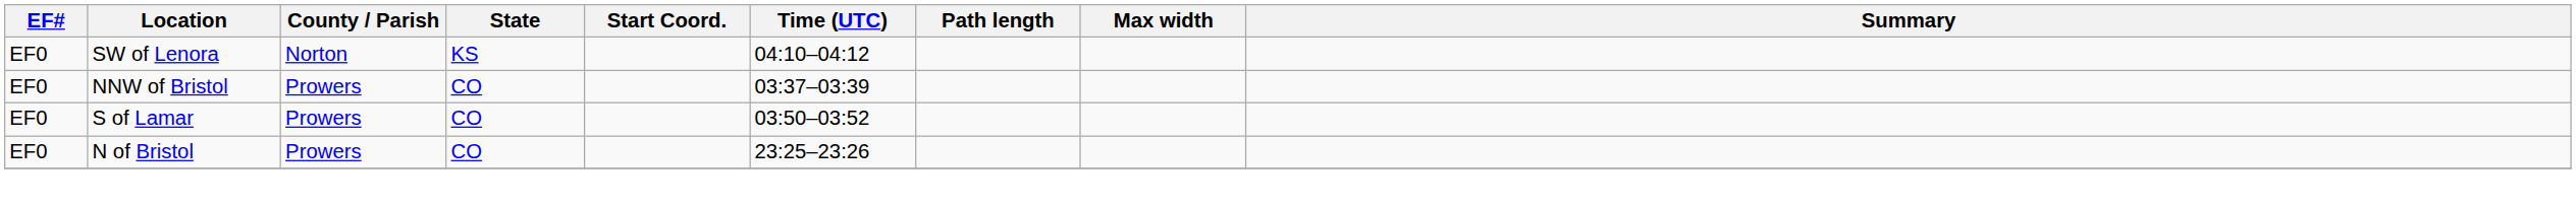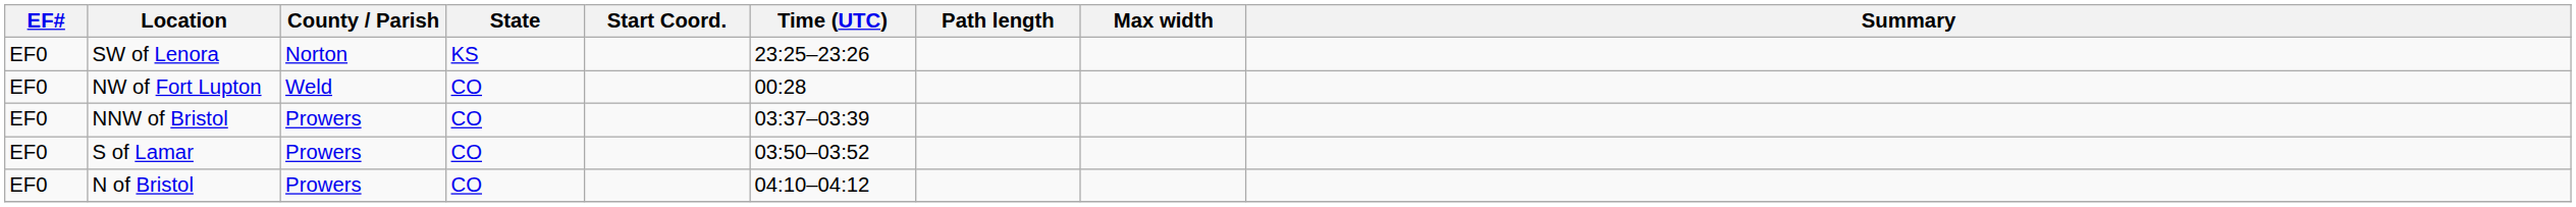 <table class="wikitable sortable" style="width:100%;">
 <tr>
 <th scope="col"  style="width:3%; text-align:center;"><a href='#'>EF#</a></th>
 <th scope="col"  style="width:7%; text-align:center;" class="unsortable">Location</th>
 <th scope="col"  style="width:6%; text-align:center;" class="unsortable">County / Parish</th>
 <th scope="col"  style="width:5%; text-align:center;">State</th>
 <th scope="col"  style="width:6%; text-align:center;">Start Coord.</th>
 <th scope="col"  style="width:6%; text-align:center;">Time (<a href='#'>UTC</a>)</th>
 <th scope="col"  style="width:6%; text-align:center;">Path length</th>
 <th scope="col"  style="width:6%; text-align:center;">Max width</th>
 <th scope="col" class="unsortable" style="width:48%; text-align:center;">Summary</th>
 </tr>
 <tr>
 <td>EF0</td>
 <td>SW of <a href='#'>Lenora</a></td>
 <td><a href='#'>Norton</a></td>
 <td><a href='#'>KS</a></td>
 <td></td>
-<td>04:10–04:12</td>
+<td>23:25–23:26</td>
+<td></td>
+<td></td>
+<td></td>
+</tr>
+<tr>
+<td>EF0</td>
+<td>NW of <a href='#'>Fort Lupton</a></td>
+<td><a href='#'>Weld</a></td>
+<td><a href='#'>CO</a></td>
+<td></td>
+<td>00:28</td>
 <td></td>
 <td></td>
 <td></td>
 </tr>
 <tr>
 <td>EF0</td>
 <td>NNW of <a href='#'>Bristol</a></td>
 <td><a href='#'>Prowers</a></td>
 <td><a href='#'>CO</a></td>
 <td></td>
 <td>03:37–03:39</td>
 <td></td>
 <td></td>
 <td></td>
 </tr>
 <tr>
 <td>EF0</td>
 <td>S of <a href='#'>Lamar</a></td>
 <td><a href='#'>Prowers</a></td>
 <td><a href='#'>CO</a></td>
 <td></td>
 <td>03:50–03:52</td>
 <td></td>
 <td></td>
 <td></td>
 </tr>
 <tr>
 <td>EF0</td>
 <td>N of <a href='#'>Bristol</a></td>
 <td><a href='#'>Prowers</a></td>
 <td><a href='#'>CO</a></td>
 <td></td>
-<td>23:25–23:26</td>
+<td>04:10–04:12</td>
 <td></td>
 <td></td>
 <td></td>
 </tr>
 <tr>
 </tr>
 </table>
